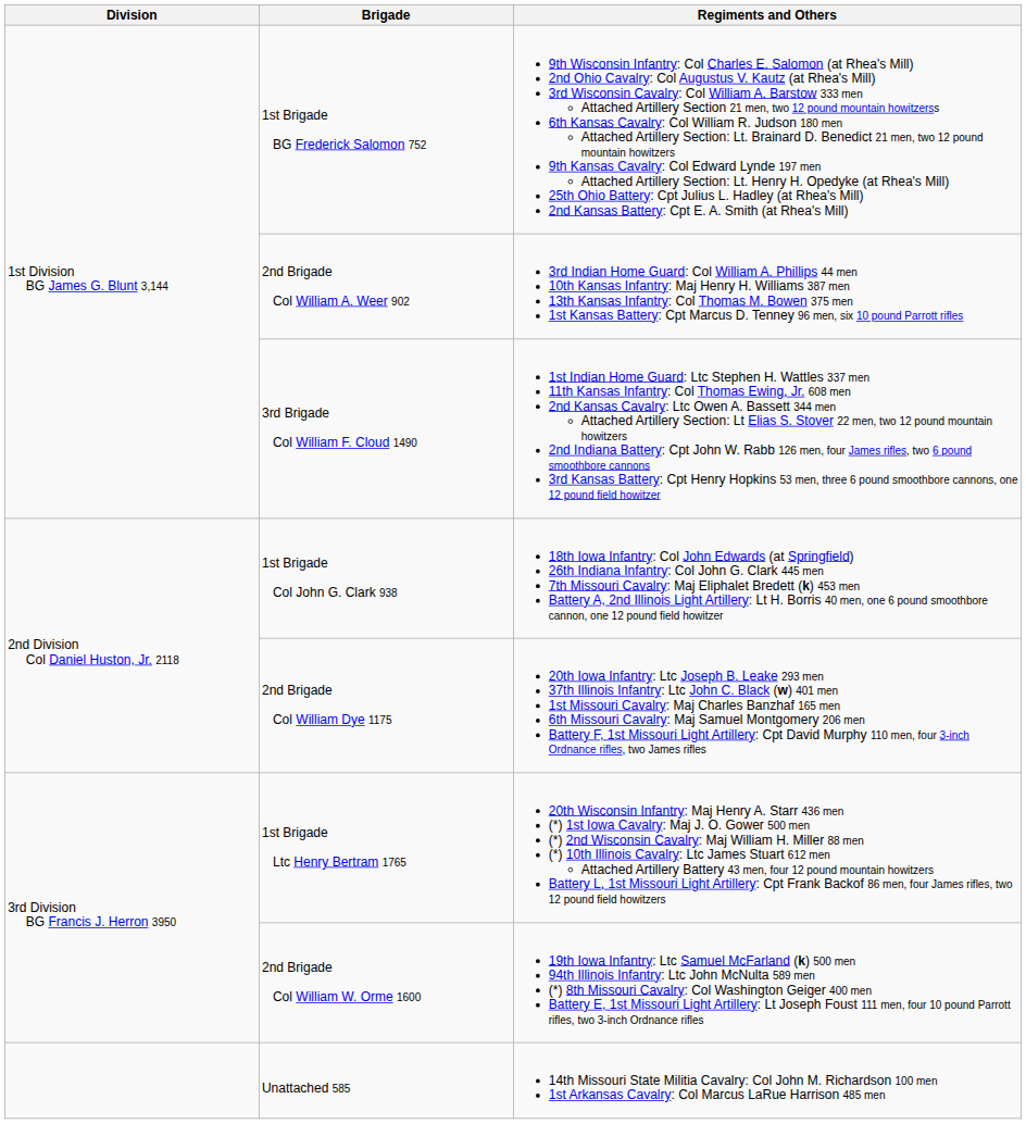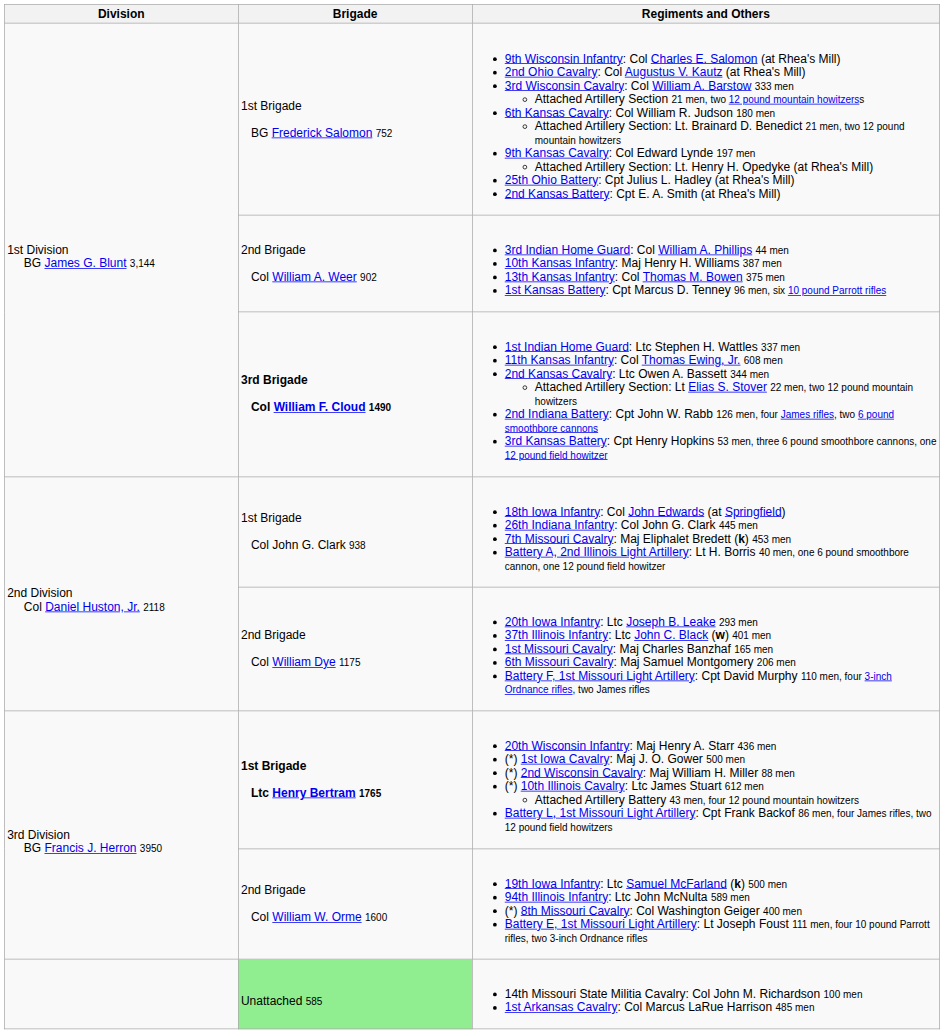 <table class="wikitable">
 <tr>
 <th width=25%>Division</th>
 <th width=25%>Brigade</th>
 <th>Regiments and Others</th>
 </tr>
 <tr>
 <td rowspan=3><br>1st Division <br>     BG <a href='#'>James G. Blunt</a> <small>3,144</small><br></td>
 <td>1st Brigade<br><br>   BG <a href='#'>Frederick Salomon</a> <small>752</small></td>
 <td><br><ul><li><a href='#'>9th Wisconsin Infantry</a>: Col <a href='#'>Charles E. Salomon</a> (at Rhea's Mill)</li><li><a href='#'>2nd Ohio Cavalry</a>: Col <a href='#'>Augustus V. Kautz</a> (at Rhea's Mill)</li><li><a href='#'>3rd Wisconsin Cavalry</a>: Col <a href='#'>William A. Barstow</a> <small>333 men</small><ul><li>Attached Artillery Section <small>21 men, two <a href='#'>12 pound mountain howitzers</a>s</small></li></ul></li><li><a href='#'>6th Kansas Cavalry</a>: Col William R. Judson <small>180 men</small><ul><li>Attached Artillery Section: Lt. Brainard D. Benedict <small>21 men, two 12 pound mountain howitzers</small></li></ul></li><li><a href='#'>9th Kansas Cavalry</a>: Col Edward Lynde <small>197 men</small><ul><li>Attached Artillery Section: Lt. Henry H. Opedyke (at Rhea's Mill)</li></ul></li><li><a href='#'>25th Ohio Battery</a>: Cpt Julius L. Hadley (at Rhea's Mill)</li><li><a href='#'>2nd Kansas Battery</a>: Cpt E. A. Smith (at Rhea's Mill)</li></ul></td>
 </tr>
 <tr>
 <td>2nd Brigade<br><br>   Col <a href='#'>William A. Weer</a> <small>902</small></td>
 <td><br><ul><li><a href='#'>3rd Indian Home Guard</a>: Col <a href='#'>William A. Phillips</a> <small>44 men</small></li><li><a href='#'>10th Kansas Infantry</a>: Maj Henry H. Williams <small>387 men</small></li><li><a href='#'>13th Kansas Infantry</a>: Col <a href='#'>Thomas M. Bowen</a> <small>375 men</small></li><li><a href='#'>1st Kansas Battery</a>: Cpt Marcus D. Tenney <small>96 men, six <a href='#'>10 pound Parrott rifles</a></small></li></ul></td>
 </tr>
 <tr>
-<td>3rd Brigade<br><br>   Col <a href='#'>William F. Cloud</a> <small>1490</small></td>
+<td><strong>3rd Brigade<br><br>   Col <a href='#'>William F. Cloud</a> <small>1490</small></strong></td>
 <td><br><ul><li><a href='#'>1st Indian Home Guard</a>: Ltc Stephen H. Wattles <small>337 men</small></li><li><a href='#'>11th Kansas Infantry</a>: Col <a href='#'>Thomas Ewing, Jr.</a> <small>608 men</small></li><li><a href='#'>2nd Kansas Cavalry</a>: Ltc Owen A. Bassett <small>344 men</small><ul><li>Attached Artillery Section: Lt <a href='#'>Elias S. Stover</a> <small>22 men, two 12 pound mountain howitzers</small></li></ul></li><li><a href='#'>2nd Indiana Battery</a>: Cpt John W. Rabb <small>126 men, four <a href='#'>James rifles</a>, two <a href='#'>6 pound smoothbore cannons</a></small></li><li><a href='#'>3rd Kansas Battery</a>: Cpt Henry Hopkins <small>53 men, three 6 pound smoothbore cannons, one <a href='#'>12 pound field howitzer</a></small></li></ul></td>
 </tr>
 <tr>
 <td rowspan=2><br>2nd Division <br>     Col <a href='#'>Daniel Huston, Jr.</a> <small>2118</small></td>
 <td>1st Brigade<br><br>   Col John G. Clark <small>938</small></td>
 <td><br><ul><li><a href='#'>18th Iowa Infantry</a>: Col <a href='#'>John Edwards</a> (at <a href='#'>Springfield</a>)</li><li><a href='#'>26th Indiana Infantry</a>: Col John G. Clark <small>445 men</small></li><li><a href='#'>7th Missouri Cavalry</a>: Maj Eliphalet Bredett (<strong>k</strong>) <small>453 men</small></li><li><a href='#'>Battery A, 2nd Illinois Light Artillery</a>: Lt H. Borris <small>40 men, one 6 pound smoothbore cannon, one 12 pound field howitzer</small></li></ul></td>
 </tr>
 <tr>
 <td>2nd Brigade<br><br>   Col <a href='#'>William Dye</a> <small>1175</small></td>
 <td><br><ul><li><a href='#'>20th Iowa Infantry</a>: Ltc <a href='#'>Joseph B. Leake</a> <small>293 men</small></li><li><a href='#'>37th Illinois Infantry</a>: Ltc <a href='#'>John C. Black</a> (<strong>w</strong>) <small>401 men</small></li><li><a href='#'>1st Missouri Cavalry</a>: Maj Charles Banzhaf <small>165 men</small></li><li><a href='#'>6th Missouri Cavalry</a>: Maj Samuel Montgomery <small>206 men</small></li><li><a href='#'>Battery F, 1st Missouri Light Artillery</a>: Cpt David Murphy <small>110 men, four <a href='#'>3-inch Ordnance rifles</a>, two James rifles</small></li></ul></td>
 </tr>
 <tr>
 <td rowspan=2><br>3rd Division <br>     BG <a href='#'>Francis J. Herron</a> <small>3950</small></td>
-<td>1st Brigade<br><br>   Ltc <a href='#'>Henry Bertram</a> <small>1765</small></td>
+<td><strong>1st Brigade<br><br>   Ltc <a href='#'>Henry Bertram</a> <small>1765</small></strong></td>
 <td><br><ul><li><a href='#'>20th Wisconsin Infantry</a>: Maj Henry A. Starr <small>436 men</small></li><li>(*) <a href='#'>1st Iowa Cavalry</a>: Maj J. O. Gower <small>500 men</small></li><li>(*) <a href='#'>2nd Wisconsin Cavalry</a>: Maj William H. Miller <small>88 men</small></li><li>(*) <a href='#'>10th Illinois Cavalry</a>: Ltc James Stuart <small>612 men</small><ul><li>Attached Artillery Battery <small>43 men, four 12 pound mountain howitzers</small></li></ul></li><li><a href='#'>Battery L, 1st Missouri Light Artillery</a>: Cpt Frank Backof <small>86 men, four James rifles, two 12 pound field howitzers</small></li></ul></td>
 </tr>
 <tr>
 <td>2nd Brigade<br><br>   Col <a href='#'>William W. Orme</a> <small>1600</small></td>
 <td><br><ul><li><a href='#'>19th Iowa Infantry</a>: Ltc <a href='#'>Samuel McFarland</a> (<strong>k</strong>) <small>500 men</small></li><li><a href='#'>94th Illinois Infantry</a>: Ltc John McNulta <small>589 men</small></li><li>(*) <a href='#'>8th Missouri Cavalry</a>: Col Washington Geiger <small>400 men</small></li><li><a href='#'>Battery E, 1st Missouri Light Artillery</a>: Lt Joseph Foust <small>111 men, four 10 pound Parrott rifles, two 3-inch Ordnance rifles</small></li></ul></td>
 </tr>
 <tr>
 <td rowspan=1></td>
-<td><br>Unattached <small>585</small></td>
+<td style="background: lightgreen;"><br>Unattached <small>585</small></td>
 <td><br><ul><li>14th Missouri State Militia Cavalry: Col John M. Richardson <small>100 men</small></li><li><a href='#'>1st Arkansas Cavalry</a>: Col Marcus LaRue Harrison <small>485 men</small></li></ul></td>
 </tr>
 </table>
